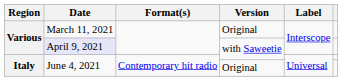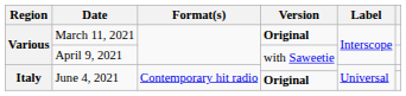 <table class="wikitable plainrowheaders">
 <tr>
 <th scope="col">Region</th>
 <th scope="col">Date</th>
 <th scope="col">Format(s)</th>
 <th scope="col">Version</th>
 <th scope="col">Label</th>
 <th scope="col"></th>
 </tr>
 <tr>
 <th scope="row" rowspan="2">Various</th>
 <td>March 11, 2021</td>
 <td rowspan="2"></td>
-<td>Original</td>
+<td><strong>Original</strong></td>
 <td rowspan="2"><a href='#'>Interscope</a></td>
 <td style="text-align:center;"></td>
 </tr>
 <tr>
-<td style="background: lavender;">April 9, 2021</td>
+<td>April 9, 2021</td>
 <td rowspan="2">with <a href='#'>Saweetie</a></td>
 <td style="text-align:center;"></td>
 </tr>
 <tr>
 <th scope="row" rowspan="2">Italy</th>
 <td rowspan="2">June 4, 2021</td>
 <td rowspan="2"><a href='#'>Contemporary hit radio</a></td>
 <td rowspan="2"><a href='#'>Universal</a></td>
 <td style="text-align:center;"></td>
 </tr>
 <tr>
-<td>Original</td>
+<td><strong>Original</strong></td>
 <td style="text-align:center;"></td>
 </tr>
 </table>
